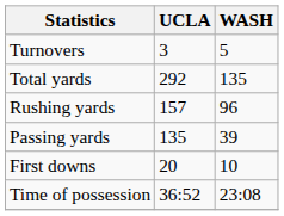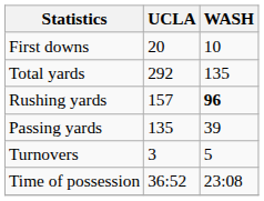 <table class="wikitable" style="float: left;">
 <tr>
 <th>Statistics</th>
 <th>UCLA</th>
 <th>WASH</th>
 </tr>
 <tr>
-<td>Turnovers</td>
-<td>3</td>
-<td>5</td>
+<td>First downs</td>
+<td>20</td>
+<td>10</td>
 </tr>
 <tr>
 <td>Total yards</td>
 <td>292</td>
 <td>135</td>
 </tr>
 <tr>
 <td>Rushing yards</td>
 <td>157</td>
-<td>96</td>
+<td><strong>96</strong></td>
 </tr>
 <tr>
 <td>Passing yards</td>
 <td>135</td>
 <td>39</td>
 </tr>
 <tr>
-<td>First downs</td>
-<td>20</td>
-<td>10</td>
+<td>Turnovers</td>
+<td>3</td>
+<td>5</td>
 </tr>
 <tr>
 <td>Time of possession</td>
 <td>36:52</td>
 <td>23:08</td>
 </tr>
 <tr>
 </tr>
 </table>
